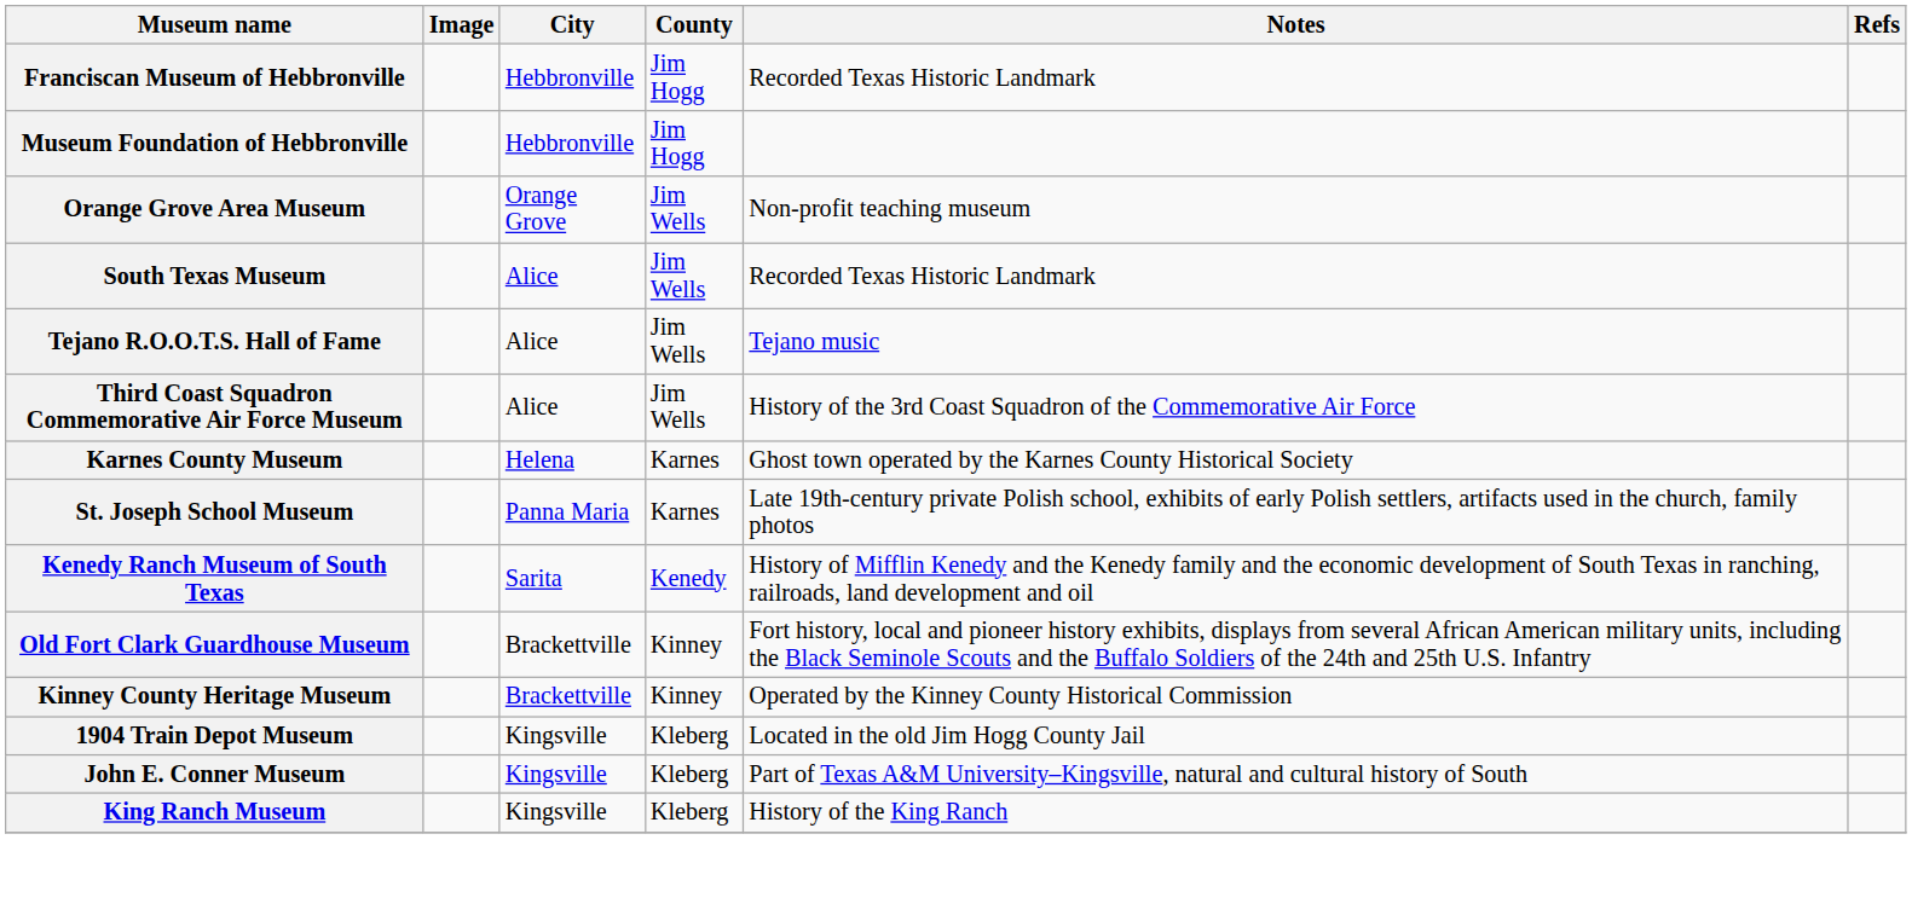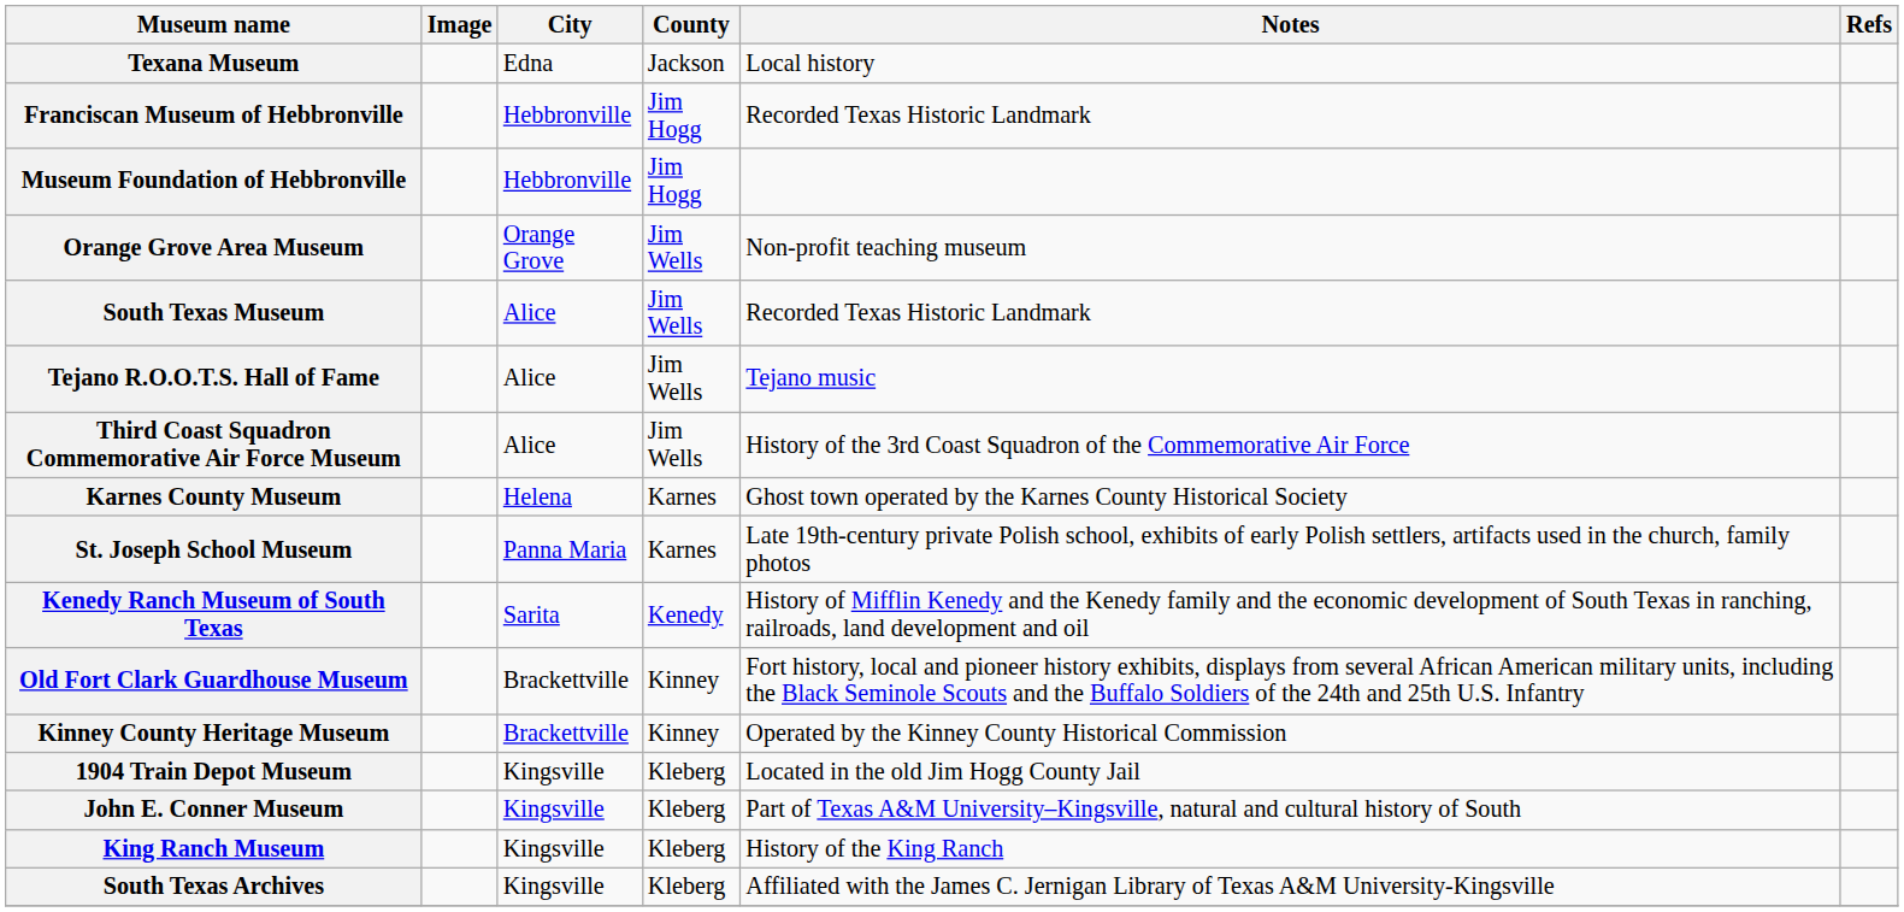 <table class="wikitable sortable plainrowheaders">
 <tr>
 <th scope="col">Museum name</th>
 <th scope="col"  class="unsortable">Image</th>
 <th scope="col">City</th>
 <th scope="col">County</th>
 <th scope="col">Notes</th>
 <th scope="col" class="unsortable">Refs</th>
+</tr>
+<tr>
+<th scope="row">Texana Museum</th>
+<td></td>
+<td>Edna</td>
+<td>Jackson</td>
+<td>Local history</td>
+<td align="center"></td>
 </tr>
 <tr>
 <th scope="row">Franciscan Museum of Hebbronville</th>
 <td></td>
 <td><a href='#'>Hebbronville</a></td>
 <td><a href='#'>Jim Hogg</a></td>
 <td>Recorded Texas Historic Landmark</td>
 <td align="center"></td>
 </tr>
 <tr>
 <th scope="row">Museum Foundation of Hebbronville</th>
 <td></td>
 <td><a href='#'>Hebbronville</a></td>
 <td><a href='#'>Jim Hogg</a></td>
 <td></td>
 <td align="center"></td>
 </tr>
 <tr>
 <th scope="row">Orange Grove Area Museum</th>
 <td></td>
 <td><a href='#'>Orange Grove</a></td>
 <td><a href='#'>Jim Wells</a></td>
 <td>Non-profit teaching museum</td>
 <td align="center"></td>
 </tr>
 <tr>
 <th scope="row">South Texas Museum</th>
 <td></td>
 <td><a href='#'>Alice</a></td>
 <td><a href='#'>Jim Wells</a></td>
 <td>Recorded Texas Historic Landmark</td>
 <td align="center"></td>
 </tr>
 <tr>
 <th scope="row">Tejano R.O.O.T.S. Hall of Fame</th>
 <td></td>
 <td>Alice</td>
 <td>Jim Wells</td>
 <td><a href='#'>Tejano music</a></td>
 <td align="center"></td>
 </tr>
 <tr>
 <th scope="row">Third Coast Squadron Commemorative Air Force Museum</th>
 <td></td>
 <td>Alice</td>
 <td>Jim Wells</td>
 <td>History of the 3rd Coast Squadron of the <a href='#'>Commemorative Air Force</a></td>
 <td align="center"></td>
 </tr>
 <tr>
 <th scope="row">Karnes County Museum</th>
 <td></td>
 <td><a href='#'>Helena</a></td>
 <td>Karnes</td>
 <td>Ghost town operated by the Karnes County Historical Society</td>
 <td align="center"></td>
 </tr>
 <tr>
 <th scope="row">St. Joseph School Museum</th>
 <td></td>
 <td><a href='#'>Panna Maria</a></td>
 <td>Karnes</td>
 <td>Late 19th-century private Polish school, exhibits of early Polish settlers, artifacts used in the church, family photos</td>
 <td align="center"></td>
 </tr>
 <tr>
 <th scope="row"><a href='#'>Kenedy Ranch Museum of South Texas</a></th>
 <td></td>
 <td><a href='#'>Sarita</a></td>
 <td><a href='#'>Kenedy</a></td>
 <td>History of <a href='#'>Mifflin Kenedy</a> and the Kenedy family and the economic development of South Texas in ranching, railroads, land development and oil</td>
 <td align="center"></td>
 </tr>
 <tr>
 <th scope="row"><a href='#'>Old Fort Clark Guardhouse Museum</a></th>
 <td></td>
 <td>Brackettville</td>
 <td>Kinney</td>
 <td>Fort history, local and pioneer history exhibits, displays from several African American military units, including the <a href='#'>Black Seminole Scouts</a> and the <a href='#'>Buffalo Soldiers</a> of the 24th and 25th U.S. Infantry</td>
 <td align="center"></td>
 </tr>
 <tr>
 <th scope="row">Kinney County Heritage Museum</th>
 <td></td>
 <td><a href='#'>Brackettville</a></td>
 <td>Kinney</td>
 <td>Operated by the Kinney County Historical Commission</td>
 <td align="center"></td>
 </tr>
 <tr>
 <th scope="row">1904 Train Depot Museum</th>
 <td></td>
 <td>Kingsville</td>
 <td>Kleberg</td>
 <td>Located in the old Jim Hogg County Jail</td>
 <td align="center"></td>
 </tr>
 <tr>
 <th scope="row">John E. Conner Museum</th>
 <td></td>
 <td><a href='#'>Kingsville</a></td>
 <td>Kleberg</td>
 <td>Part of <a href='#'>Texas A&M University–Kingsville</a>, natural and cultural history of South</td>
 <td align="center"></td>
 </tr>
 <tr>
 <th scope="row"><a href='#'>King Ranch Museum</a></th>
 <td></td>
 <td>Kingsville</td>
 <td>Kleberg</td>
 <td>History of the <a href='#'>King Ranch</a></td>
 <td align="center"></td>
 </tr>
 <tr>
+<th scope="row">South Texas Archives</th>
+<td></td>
+<td>Kingsville</td>
+<td>Kleberg</td>
+<td>Affiliated with the James C. Jernigan Library of Texas A&M University-Kingsville</td>
+<td align="center"></td>
+</tr>
+<tr>
 </tr>
 </table>
